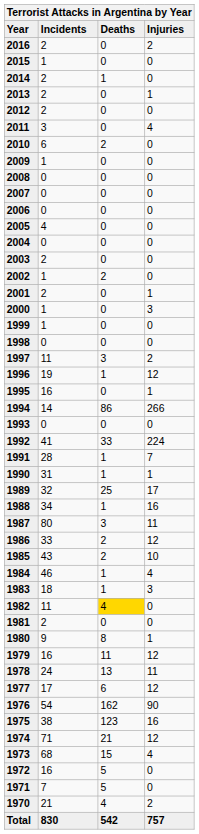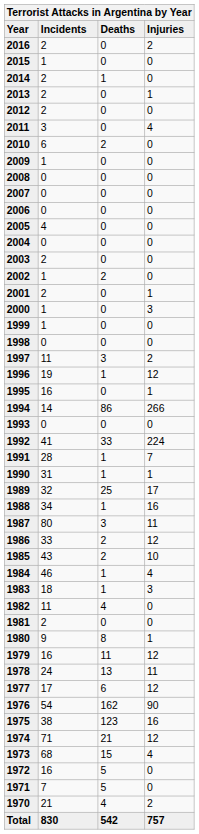 <table class="wikitable mw-collapsible mw-collapsed">
 <tr>
 <th colspan="4">Terrorist Attacks in Argentina by Year</th>
 </tr>
 <tr>
 <td style="font-weight:bold; background-color:#efefef;">Year</td>
 <td style="font-weight:bold; background-color:#efefef;">Incidents</td>
 <td style="font-weight:bold; background-color:#efefef;">Deaths</td>
 <td style="font-weight:bold; background-color:#efefef;">Injuries</td>
 </tr>
 <tr>
 <td style="font-weight:bold; background-color:#efefef;">2016</td>
 <td>2</td>
 <td>0</td>
 <td>2</td>
 </tr>
 <tr>
 <td style="font-weight:bold; background-color:#efefef;">2015</td>
 <td>1</td>
 <td>0</td>
 <td>0</td>
 </tr>
 <tr>
 <td style="font-weight:bold; background-color:#efefef;">2014</td>
 <td>2</td>
 <td>1</td>
 <td>0</td>
 </tr>
 <tr>
 <td style="font-weight:bold; background-color:#efefef;">2013</td>
 <td>2</td>
 <td>0</td>
 <td>1</td>
 </tr>
 <tr>
 <td style="font-weight:bold; background-color:#efefef;">2012</td>
 <td>2</td>
 <td>0</td>
 <td>0</td>
 </tr>
 <tr>
 <td style="font-weight:bold; background-color:#efefef;">2011</td>
 <td>3</td>
 <td>0</td>
 <td>4</td>
 </tr>
 <tr>
 <td style="font-weight:bold; background-color:#efefef;">2010</td>
 <td>6</td>
 <td>2</td>
 <td>0</td>
 </tr>
 <tr>
 <td style="font-weight:bold; background-color:#efefef;">2009</td>
 <td>1</td>
 <td>0</td>
 <td>0</td>
 </tr>
 <tr>
 <td style="font-weight:bold; background-color:#efefef;">2008</td>
 <td>0</td>
 <td>0</td>
 <td>0</td>
 </tr>
 <tr>
 <td style="font-weight:bold; background-color:#efefef;">2007</td>
 <td>0</td>
 <td>0</td>
 <td>0</td>
 </tr>
 <tr>
 <td style="font-weight:bold; background-color:#efefef;">2006</td>
 <td>0</td>
 <td>0</td>
 <td>0</td>
 </tr>
 <tr>
 <td style="font-weight:bold; background-color:#efefef;">2005</td>
 <td>4</td>
 <td>0</td>
 <td>0</td>
 </tr>
 <tr>
 <td style="font-weight:bold; background-color:#efefef;">2004</td>
 <td>0</td>
 <td>0</td>
 <td>0</td>
 </tr>
 <tr>
 <td style="font-weight:bold; background-color:#efefef;">2003</td>
 <td>2</td>
 <td>0</td>
 <td>0</td>
 </tr>
 <tr>
 <td style="font-weight:bold; background-color:#efefef;">2002</td>
 <td>1</td>
 <td>2</td>
 <td>0</td>
 </tr>
 <tr>
 <td style="font-weight:bold; background-color:#efefef;">2001</td>
 <td>2</td>
 <td>0</td>
 <td>1</td>
 </tr>
 <tr>
 <td style="font-weight:bold; background-color:#efefef;">2000</td>
 <td>1</td>
 <td>0</td>
 <td>3</td>
 </tr>
 <tr>
 <td style="font-weight:bold; background-color:#efefef;">1999</td>
 <td>1</td>
 <td>0</td>
 <td>0</td>
 </tr>
 <tr>
 <td style="font-weight:bold; background-color:#efefef;">1998</td>
 <td>0</td>
 <td>0</td>
 <td>0</td>
 </tr>
 <tr>
 <td style="font-weight:bold; background-color:#efefef;">1997</td>
 <td>11</td>
 <td>3</td>
 <td>2</td>
 </tr>
 <tr>
 <td style="font-weight:bold; background-color:#efefef;">1996</td>
 <td>19</td>
 <td>1</td>
 <td>12</td>
 </tr>
 <tr>
 <td style="font-weight:bold; background-color:#efefef;">1995</td>
 <td>16</td>
 <td>0</td>
 <td>1</td>
 </tr>
 <tr>
 <td style="font-weight:bold; background-color:#efefef;">1994</td>
 <td>14</td>
 <td>86</td>
 <td>266</td>
 </tr>
 <tr>
 <td style="font-weight:bold; background-color:#efefef;">1993</td>
 <td>0</td>
 <td>0</td>
 <td>0</td>
 </tr>
 <tr>
 <td style="font-weight:bold; background-color:#efefef;">1992</td>
 <td>41</td>
 <td>33</td>
 <td>224</td>
 </tr>
 <tr>
 <td style="font-weight:bold; background-color:#efefef;">1991</td>
 <td>28</td>
 <td>1</td>
 <td>7</td>
 </tr>
 <tr>
 <td style="font-weight:bold; background-color:#efefef;">1990</td>
 <td>31</td>
 <td>1</td>
 <td>1</td>
 </tr>
 <tr>
 <td style="font-weight:bold; background-color:#efefef;">1989</td>
 <td>32</td>
 <td>25</td>
 <td>17</td>
 </tr>
 <tr>
 <td style="font-weight:bold; background-color:#efefef;">1988</td>
 <td>34</td>
 <td>1</td>
 <td>16</td>
 </tr>
 <tr>
 <td style="font-weight:bold; background-color:#efefef;">1987</td>
 <td>80</td>
 <td>3</td>
 <td>11</td>
 </tr>
 <tr>
 <td style="font-weight:bold; background-color:#efefef;">1986</td>
 <td>33</td>
 <td>2</td>
 <td>12</td>
 </tr>
 <tr>
 <td style="font-weight:bold; background-color:#efefef;">1985</td>
 <td>43</td>
 <td>2</td>
 <td>10</td>
 </tr>
 <tr>
 <td style="font-weight:bold; background-color:#efefef;">1984</td>
 <td>46</td>
 <td>1</td>
 <td>4</td>
 </tr>
 <tr>
 <td style="font-weight:bold; background-color:#efefef;">1983</td>
 <td>18</td>
 <td>1</td>
 <td>3</td>
 </tr>
 <tr>
 <td style="font-weight:bold; background-color:#efefef;">1982</td>
 <td>11</td>
-<td style="background: gold;">4</td>
+<td>4</td>
 <td>0</td>
 </tr>
 <tr>
 <td style="font-weight:bold; background-color:#efefef;">1981</td>
 <td>2</td>
 <td>0</td>
 <td>0</td>
 </tr>
 <tr>
 <td style="font-weight:bold; background-color:#efefef;">1980</td>
 <td>9</td>
 <td>8</td>
 <td>1</td>
 </tr>
 <tr>
 <td style="font-weight:bold; background-color:#efefef;">1979</td>
 <td>16</td>
 <td>11</td>
 <td>12</td>
 </tr>
 <tr>
 <td style="font-weight:bold; background-color:#efefef;">1978</td>
 <td>24</td>
 <td>13</td>
 <td>11</td>
 </tr>
 <tr>
 <td style="font-weight:bold; background-color:#efefef;">1977</td>
 <td>17</td>
 <td>6</td>
 <td>12</td>
 </tr>
 <tr>
 <td style="font-weight:bold; background-color:#efefef;">1976</td>
 <td>54</td>
 <td>162</td>
 <td>90</td>
 </tr>
 <tr>
 <td style="font-weight:bold; background-color:#efefef;">1975</td>
 <td>38</td>
 <td>123</td>
 <td>16</td>
 </tr>
 <tr>
 <td style="font-weight:bold; background-color:#efefef;">1974</td>
 <td>71</td>
 <td>21</td>
 <td>12</td>
 </tr>
 <tr>
 <td style="font-weight:bold; background-color:#efefef;">1973</td>
 <td>68</td>
 <td>15</td>
 <td>4</td>
 </tr>
 <tr>
 <td style="font-weight:bold; background-color:#efefef;">1972</td>
 <td>16</td>
 <td>5</td>
 <td>0</td>
 </tr>
 <tr>
 <td style="font-weight:bold; background-color:#efefef;">1971</td>
 <td>7</td>
 <td>5</td>
 <td>0</td>
 </tr>
 <tr>
 <td style="font-weight:bold; background-color:#efefef;">1970</td>
 <td>21</td>
 <td>4</td>
 <td>2</td>
 </tr>
 <tr>
 <td style="font-weight:bold; background-color:#efefef;">Total</td>
 <td style="font-weight:bold; background-color:#efefef;">830</td>
 <td style="font-weight:bold; background-color:#efefef;">542</td>
 <td style="font-weight:bold; background-color:#efefef;">757</td>
 </tr>
 </table>
